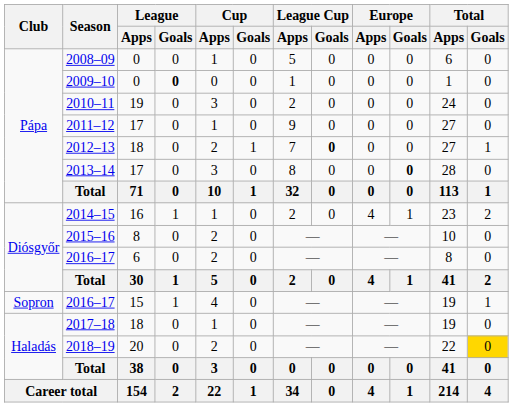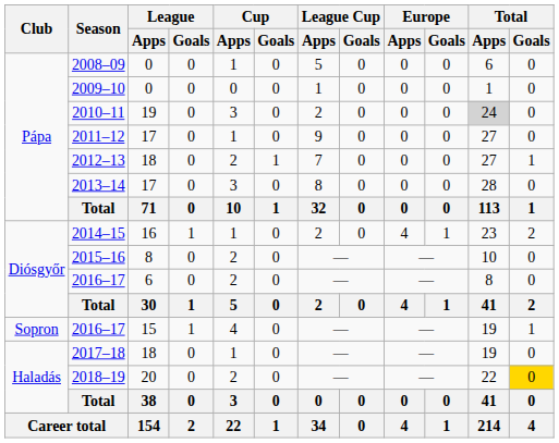 <table class="wikitable" style="text-align: center;">
 <tr>
 <th rowspan="2">Club</th>
 <th rowspan="2">Season</th>
 <th colspan="2">League</th>
 <th colspan="2">Cup</th>
 <th colspan="2">League Cup</th>
 <th colspan="2">Europe</th>
 <th colspan="2">Total</th>
 </tr>
 <tr>
 <th>Apps</th>
 <th>Goals</th>
 <th>Apps</th>
 <th>Goals</th>
 <th>Apps</th>
 <th>Goals</th>
 <th>Apps</th>
 <th>Goals</th>
 <th>Apps</th>
 <th>Goals</th>
 </tr>
 <tr>
 <td rowspan="7"><a href='#'>Pápa</a></td>
 <td><a href='#'>2008–09</a></td>
 <td>0</td>
 <td>0</td>
 <td>1</td>
 <td>0</td>
 <td>5</td>
 <td>0</td>
 <td>0</td>
 <td>0</td>
 <td>6</td>
 <td>0</td>
 </tr>
 <tr>
 <td><a href='#'>2009–10</a></td>
 <td>0</td>
-<td><strong>0</strong></td>
+<td>0</td>
 <td>0</td>
 <td>0</td>
 <td>1</td>
 <td>0</td>
 <td>0</td>
 <td>0</td>
 <td>1</td>
 <td>0</td>
 </tr>
 <tr>
 <td><a href='#'>2010–11</a></td>
 <td>19</td>
 <td>0</td>
 <td>3</td>
 <td>0</td>
 <td>2</td>
 <td>0</td>
 <td>0</td>
 <td>0</td>
-<td>24</td>
+<td style="background: lightgrey;">24</td>
 <td>0</td>
 </tr>
 <tr>
 <td><a href='#'>2011–12</a></td>
 <td>17</td>
 <td>0</td>
 <td>1</td>
 <td>0</td>
 <td>9</td>
 <td>0</td>
 <td>0</td>
 <td>0</td>
 <td>27</td>
 <td>0</td>
 </tr>
 <tr>
 <td><a href='#'>2012–13</a></td>
 <td>18</td>
 <td>0</td>
 <td>2</td>
 <td>1</td>
 <td>7</td>
-<td><strong>0</strong></td>
+<td>0</td>
 <td>0</td>
 <td>0</td>
 <td>27</td>
 <td>1</td>
 </tr>
 <tr>
 <td><a href='#'>2013–14</a></td>
 <td>17</td>
 <td>0</td>
 <td>3</td>
 <td>0</td>
 <td>8</td>
 <td>0</td>
 <td>0</td>
-<td><strong>0</strong></td>
+<td>0</td>
 <td>28</td>
 <td>0</td>
 </tr>
 <tr>
 <th>Total</th>
 <th>71</th>
 <th>0</th>
 <th>10</th>
 <th>1</th>
 <th>32</th>
 <th>0</th>
 <th>0</th>
 <th>0</th>
 <th>113</th>
 <th>1</th>
 </tr>
 <tr>
 <td rowspan="4"><a href='#'>Diósgyőr</a></td>
 <td><a href='#'>2014–15</a></td>
 <td>16</td>
 <td>1</td>
 <td>1</td>
 <td>0</td>
 <td>2</td>
 <td>0</td>
 <td>4</td>
 <td>1</td>
 <td>23</td>
 <td>2</td>
 </tr>
 <tr>
 <td><a href='#'>2015–16</a></td>
 <td>8</td>
 <td>0</td>
 <td>2</td>
 <td>0</td>
 <td colspan="2">—</td>
 <td colspan="2">—</td>
 <td>10</td>
 <td>0</td>
 </tr>
 <tr>
 <td><a href='#'>2016–17</a></td>
 <td>6</td>
 <td>0</td>
 <td>2</td>
 <td>0</td>
 <td colspan="2">—</td>
 <td colspan="2">—</td>
 <td>8</td>
 <td>0</td>
 </tr>
 <tr>
 <th>Total</th>
 <th>30</th>
 <th>1</th>
 <th>5</th>
 <th>0</th>
 <th>2</th>
 <th>0</th>
 <th>4</th>
 <th>1</th>
 <th>41</th>
 <th>2</th>
 </tr>
 <tr>
 <td><a href='#'>Sopron</a></td>
 <td><a href='#'>2016–17</a></td>
 <td>15</td>
 <td>1</td>
 <td>4</td>
 <td>0</td>
 <td colspan="2">—</td>
 <td colspan="2">—</td>
 <td>19</td>
 <td>1</td>
 </tr>
 <tr>
 <td rowspan="3"><a href='#'>Haladás</a></td>
 <td><a href='#'>2017–18</a></td>
 <td>18</td>
 <td>0</td>
 <td>1</td>
 <td>0</td>
 <td colspan="2">—</td>
 <td colspan="2">—</td>
 <td>19</td>
 <td>0</td>
 </tr>
 <tr>
 <td><a href='#'>2018–19</a></td>
 <td>20</td>
 <td>0</td>
 <td>2</td>
 <td>0</td>
 <td colspan="2">—</td>
 <td colspan="2">—</td>
 <td>22</td>
 <td style="background: gold;">0</td>
 </tr>
 <tr>
 <th>Total</th>
 <th>38</th>
 <th>0</th>
 <th>3</th>
 <th>0</th>
 <th>0</th>
 <th>0</th>
 <th>0</th>
 <th>0</th>
 <th>41</th>
 <th>0</th>
 </tr>
 <tr>
 <th colspan="2">Career total</th>
 <th>154</th>
 <th>2</th>
 <th>22</th>
 <th>1</th>
 <th>34</th>
 <th>0</th>
 <th>4</th>
 <th>1</th>
 <th>214</th>
 <th>4</th>
 </tr>
 </table>
